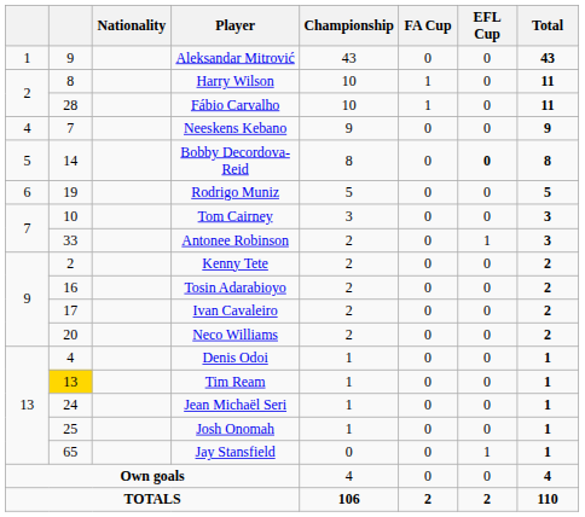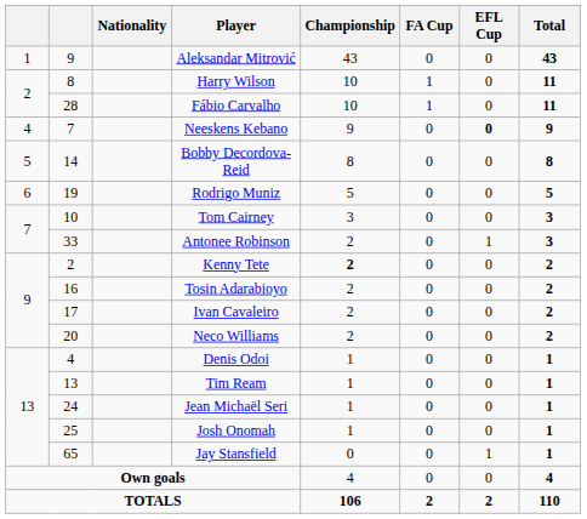 <table class="wikitable" style="font-size: 95%; text-align: center;">
 <tr>
 <th width=60></th>
 <th width=60></th>
 <th width=80>Nationality</th>
 <th width=180>Player</th>
 <th width=100>Championship</th>
 <th width=80>FA Cup</th>
 <th width=80>EFL Cup</th>
 <th width=80>Total</th>
 </tr>
 <tr>
 <td rowspan="1">1</td>
 <td>9</td>
 <td></td>
 <td><a href='#'>Aleksandar Mitrović</a></td>
 <td>43</td>
 <td>0</td>
 <td>0</td>
 <td><strong>43</strong></td>
 </tr>
 <tr>
 <td rowspan="2">2</td>
 <td>8</td>
 <td></td>
 <td><a href='#'>Harry Wilson</a></td>
 <td>10</td>
 <td>1</td>
 <td>0</td>
 <td><strong>11</strong></td>
 </tr>
 <tr>
 <td>28</td>
 <td></td>
 <td><a href='#'>Fábio Carvalho</a></td>
 <td>10</td>
 <td>1</td>
 <td>0</td>
 <td><strong>11</strong></td>
 </tr>
 <tr>
 <td rowspan="1">4</td>
 <td>7</td>
 <td></td>
 <td><a href='#'>Neeskens Kebano</a></td>
 <td>9</td>
 <td>0</td>
-<td>0</td>
+<td><strong>0</strong></td>
 <td><strong>9</strong></td>
 </tr>
 <tr>
 <td rowspan="1">5</td>
 <td>14</td>
 <td></td>
 <td><a href='#'>Bobby Decordova-Reid</a></td>
 <td>8</td>
 <td>0</td>
-<td><strong>0</strong></td>
+<td>0</td>
 <td><strong>8</strong></td>
 </tr>
 <tr>
 <td rowspan="1">6</td>
 <td>19</td>
 <td></td>
 <td><a href='#'>Rodrigo Muniz</a></td>
 <td>5</td>
 <td>0</td>
 <td>0</td>
 <td><strong>5</strong></td>
 </tr>
 <tr>
 <td rowspan="2">7</td>
 <td>10</td>
 <td></td>
 <td><a href='#'>Tom Cairney</a></td>
 <td>3</td>
 <td>0</td>
 <td>0</td>
 <td><strong>3</strong></td>
 </tr>
 <tr>
 <td>33</td>
 <td></td>
 <td><a href='#'>Antonee Robinson</a></td>
 <td>2</td>
 <td>0</td>
 <td>1</td>
 <td><strong>3</strong></td>
 </tr>
 <tr>
 <td rowspan="4">9</td>
 <td>2</td>
 <td></td>
 <td><a href='#'>Kenny Tete</a></td>
-<td>2</td>
+<td><strong>2</strong></td>
 <td>0</td>
 <td>0</td>
 <td><strong>2</strong></td>
 </tr>
 <tr>
 <td>16</td>
 <td></td>
 <td><a href='#'>Tosin Adarabioyo</a></td>
 <td>2</td>
 <td>0</td>
 <td>0</td>
 <td><strong>2</strong></td>
 </tr>
 <tr>
 <td>17</td>
 <td></td>
 <td><a href='#'>Ivan Cavaleiro</a></td>
 <td>2</td>
 <td>0</td>
 <td>0</td>
 <td><strong>2</strong></td>
 </tr>
 <tr>
 <td>20</td>
 <td></td>
 <td><a href='#'>Neco Williams</a></td>
 <td>2</td>
 <td>0</td>
 <td>0</td>
 <td><strong>2</strong></td>
 </tr>
 <tr>
 <td rowspan="5">13</td>
 <td>4</td>
 <td></td>
 <td><a href='#'>Denis Odoi</a></td>
 <td>1</td>
 <td>0</td>
 <td>0</td>
 <td><strong>1</strong></td>
 </tr>
 <tr>
-<td style="background: gold;">13</td>
+<td>13</td>
 <td></td>
 <td><a href='#'>Tim Ream</a></td>
 <td>1</td>
 <td>0</td>
 <td>0</td>
 <td><strong>1</strong></td>
 </tr>
 <tr>
 <td>24</td>
 <td></td>
 <td><a href='#'>Jean Michaël Seri</a></td>
 <td>1</td>
 <td>0</td>
 <td>0</td>
 <td><strong>1</strong></td>
 </tr>
 <tr>
 <td>25</td>
 <td></td>
 <td><a href='#'>Josh Onomah</a></td>
 <td>1</td>
 <td>0</td>
 <td>0</td>
 <td><strong>1</strong></td>
 </tr>
 <tr>
 <td>65</td>
 <td></td>
 <td><a href='#'>Jay Stansfield</a></td>
 <td>0</td>
 <td>0</td>
 <td>1</td>
 <td><strong>1</strong></td>
 </tr>
 <tr>
 <td colspan=4><strong>Own goals</strong></td>
 <td>4</td>
 <td>0</td>
 <td>0</td>
 <td><strong>4</strong></td>
 </tr>
 <tr>
 <td colspan=4><strong>TOTALS</strong></td>
 <td><strong>106</strong></td>
 <td><strong>2</strong></td>
 <td><strong>2</strong></td>
 <td><strong>110</strong></td>
 </tr>
 </table>
